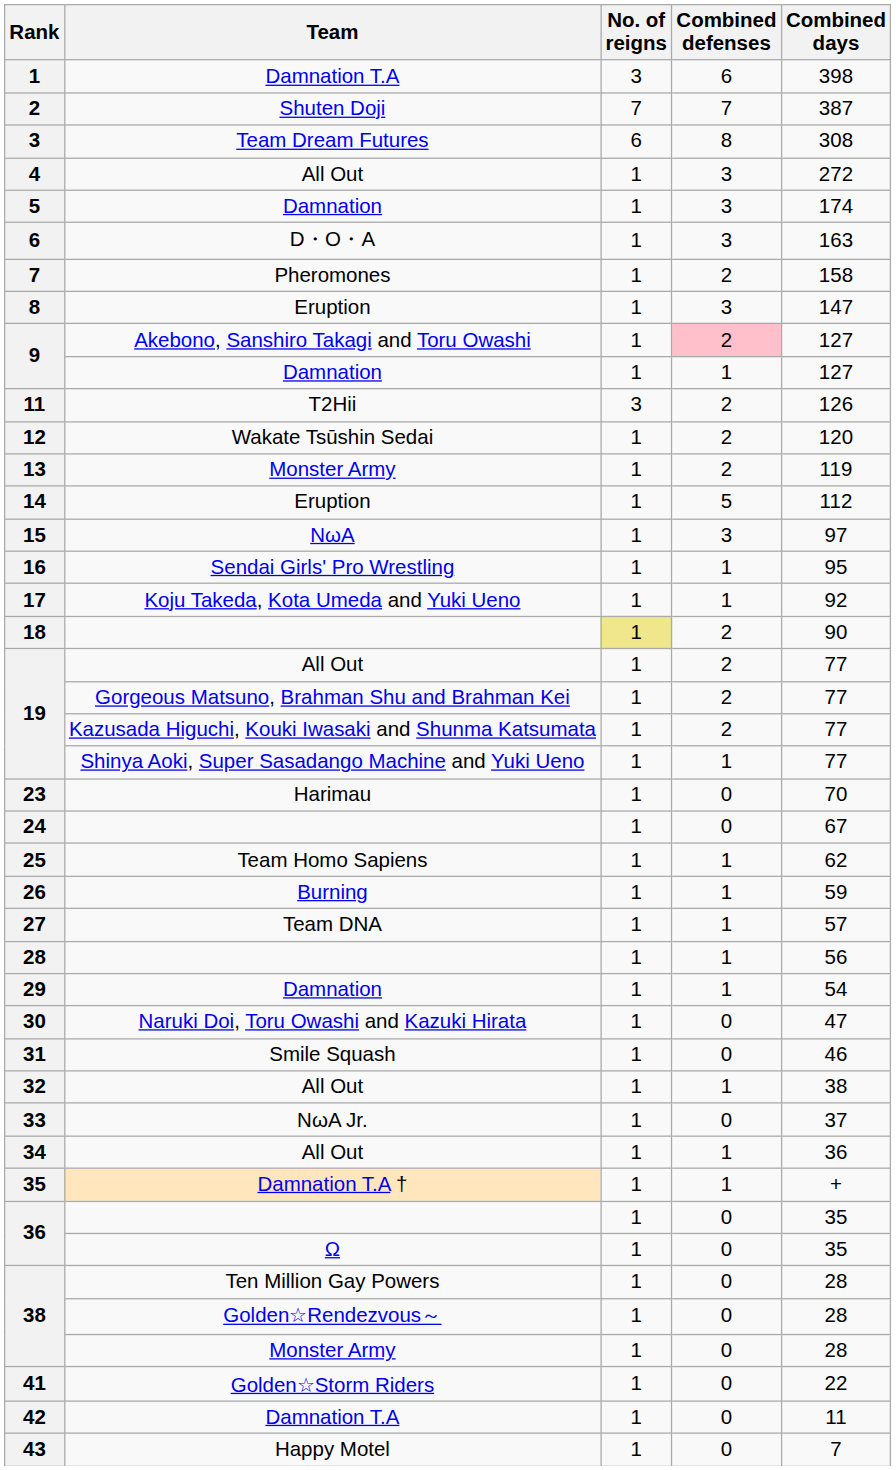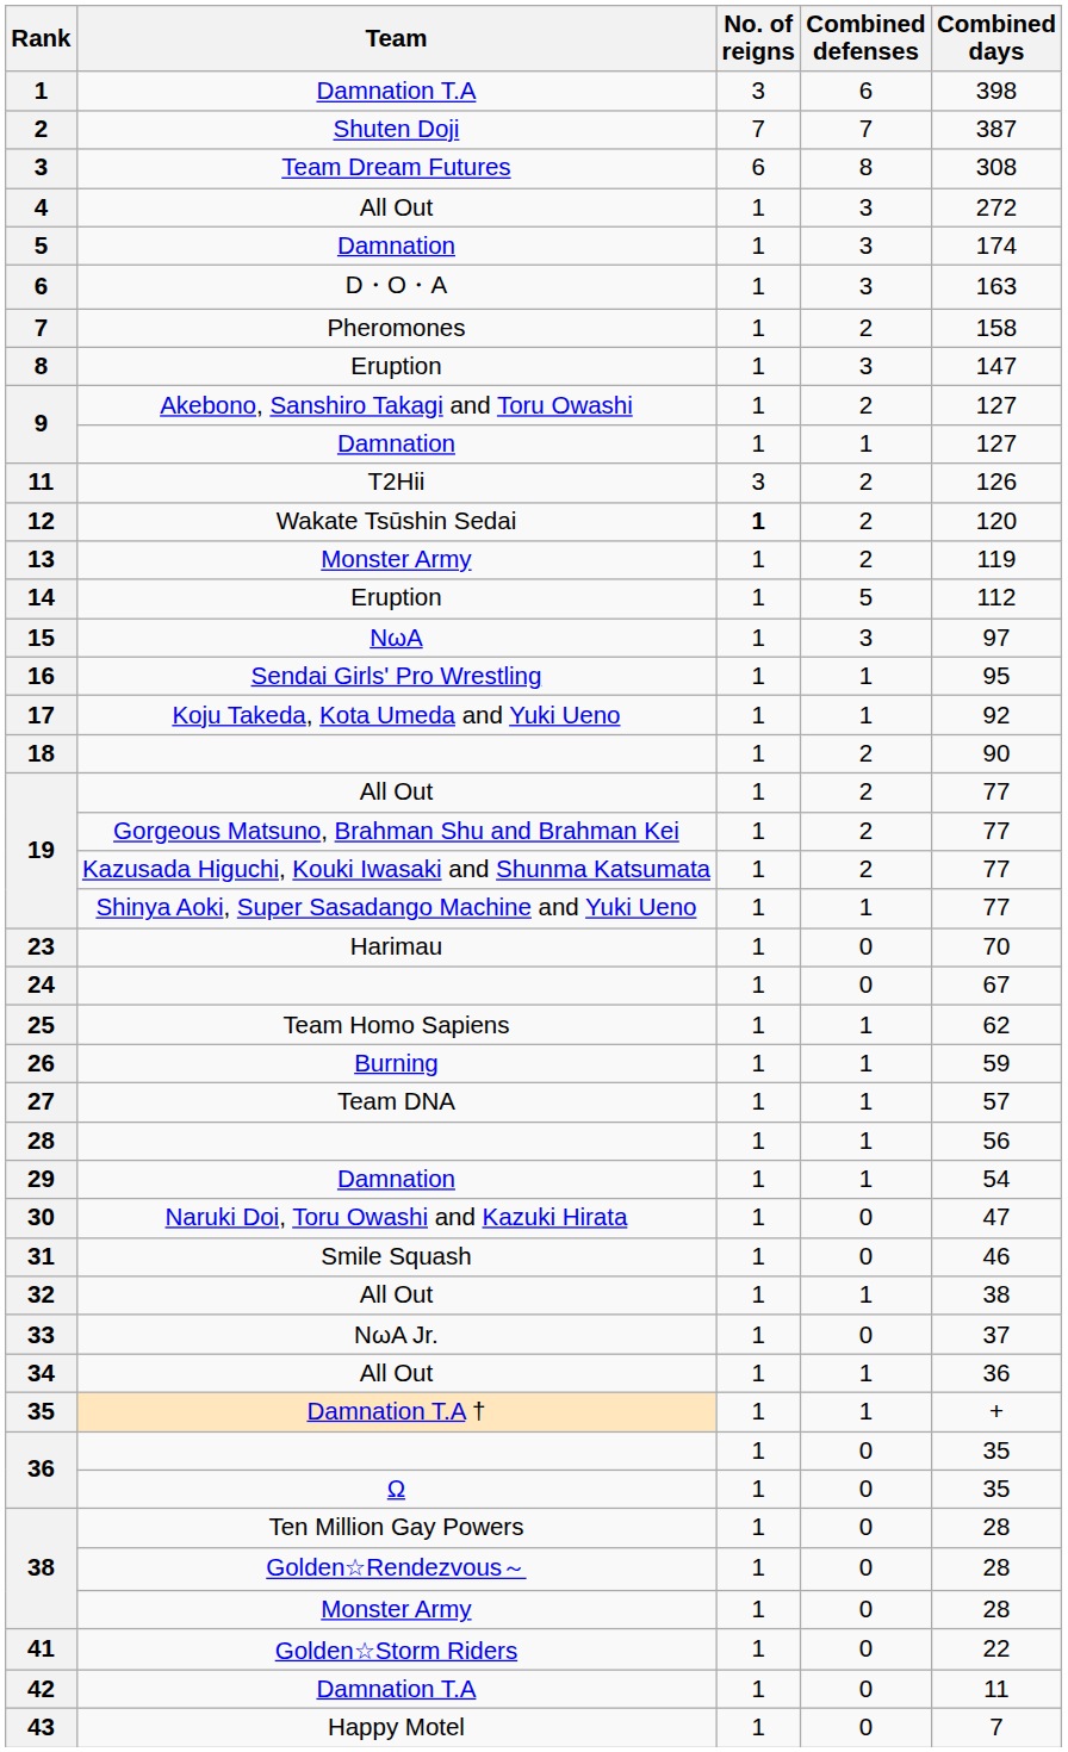 <table class="wikitable sortable" style="text-align: center">
 <tr>
 <th>Rank</th>
 <th>Team</th>
 <th data-sort-type="number">No. of<br>reigns</th>
 <th data-sort-type="number">Combined<br>defenses</th>
 <th data-sort-type="number">Combined<br>days</th>
 </tr>
 <tr>
 <th>1</th>
 <td><a href='#'>Damnation T.A</a><br></td>
 <td>3</td>
 <td>6</td>
 <td>398</td>
 </tr>
 <tr>
 <th>2</th>
 <td><a href='#'>Shuten Doji</a><br></td>
 <td>7</td>
 <td>7</td>
 <td>387</td>
 </tr>
 <tr>
 <th>3</th>
 <td><a href='#'>Team Dream Futures</a><br></td>
 <td>6</td>
 <td>8</td>
 <td>308</td>
 </tr>
 <tr>
 <th>4</th>
 <td>All Out<br></td>
 <td>1</td>
 <td>3</td>
 <td>272</td>
 </tr>
 <tr>
 <th>5</th>
 <td><a href='#'>Damnation</a><br></td>
 <td>1</td>
 <td>3</td>
 <td>174</td>
 </tr>
 <tr>
 <th>6</th>
 <td>D・O・A<br></td>
 <td>1</td>
 <td>3</td>
 <td>163</td>
 </tr>
 <tr>
 <th>7</th>
 <td>Pheromones<br></td>
 <td>1</td>
 <td>2</td>
 <td>158</td>
 </tr>
 <tr>
 <th>8</th>
 <td>Eruption <br></td>
 <td>1</td>
 <td>3</td>
 <td>147</td>
 </tr>
 <tr>
 <th rowspan=2>9</th>
 <td><a href='#'>Akebono</a>, <a href='#'>Sanshiro Takagi</a> and <a href='#'>Toru Owashi</a></td>
 <td>1</td>
-<td style="background: pink;">2</td>
+<td>2</td>
 <td>127</td>
 </tr>
 <tr>
 <td><a href='#'>Damnation</a><br></td>
 <td>1</td>
 <td>1</td>
 <td>127</td>
 </tr>
 <tr>
 <th>11</th>
 <td>T2Hii<br></td>
 <td>3</td>
 <td>2</td>
 <td>126</td>
 </tr>
 <tr>
 <th>12</th>
 <td>Wakate Tsūshin Sedai<br></td>
-<td>1</td>
+<td><strong>1</strong></td>
 <td>2</td>
 <td>120</td>
 </tr>
 <tr>
 <th>13</th>
 <td><a href='#'>Monster Army</a><br></td>
 <td>1</td>
 <td>2</td>
 <td>119</td>
 </tr>
 <tr>
 <th>14</th>
 <td>Eruption<br></td>
 <td>1</td>
 <td>5</td>
 <td>112</td>
 </tr>
 <tr>
 <th>15</th>
 <td><a href='#'>NωA</a><br></td>
 <td>1</td>
 <td>3</td>
 <td>97</td>
 </tr>
 <tr>
 <th>16</th>
 <td><a href='#'>Sendai Girls' Pro Wrestling</a><br></td>
 <td>1</td>
 <td>1</td>
 <td>95</td>
 </tr>
 <tr>
 <th>17</th>
 <td><a href='#'>Koju Takeda</a>, <a href='#'>Kota Umeda</a> and <a href='#'>Yuki Ueno</a></td>
 <td>1</td>
 <td>1</td>
 <td>92</td>
 </tr>
 <tr>
 <th>18</th>
 <td><br></td>
-<td style="background: khaki;">1</td>
+<td>1</td>
 <td>2</td>
 <td>90</td>
 </tr>
 <tr>
 <th rowspan=4>19</th>
 <td>All Out<br></td>
 <td>1</td>
 <td>2</td>
 <td>77</td>
 </tr>
 <tr>
 <td><a href='#'>Gorgeous Matsuno</a>, <a href='#'>Brahman Shu and Brahman Kei</a></td>
 <td>1</td>
 <td>2</td>
 <td>77</td>
 </tr>
 <tr>
 <td><a href='#'>Kazusada Higuchi</a>, <a href='#'>Kouki Iwasaki</a> and <a href='#'>Shunma Katsumata</a></td>
 <td>1</td>
 <td>2</td>
 <td>77</td>
 </tr>
 <tr>
 <td><a href='#'>Shinya Aoki</a>, <a href='#'>Super Sasadango Machine</a> and <a href='#'>Yuki Ueno</a></td>
 <td>1</td>
 <td>1</td>
 <td>77</td>
 </tr>
 <tr>
 <th>23</th>
 <td>Harimau<br></td>
 <td>1</td>
 <td>0</td>
 <td>70</td>
 </tr>
 <tr>
 <th>24</th>
 <td><br></td>
 <td>1</td>
 <td>0</td>
 <td>67</td>
 </tr>
 <tr>
 <th>25</th>
 <td>Team Homo Sapiens<br></td>
 <td>1</td>
 <td>1</td>
 <td>62</td>
 </tr>
 <tr>
 <th>26</th>
 <td><a href='#'>Burning</a><br></td>
 <td>1</td>
 <td>1</td>
 <td>59</td>
 </tr>
 <tr>
 <th>27</th>
 <td>Team DNA<br></td>
 <td>1</td>
 <td>1</td>
 <td>57</td>
 </tr>
 <tr>
 <th>28</th>
 <td><br></td>
 <td>1</td>
 <td>1</td>
 <td>56</td>
 </tr>
 <tr>
 <th>29</th>
 <td><a href='#'>Damnation</a><br></td>
 <td>1</td>
 <td>1</td>
 <td>54</td>
 </tr>
 <tr>
 <th>30</th>
 <td><a href='#'>Naruki Doi</a>, <a href='#'>Toru Owashi</a> and <a href='#'>Kazuki Hirata</a></td>
 <td>1</td>
 <td>0</td>
 <td>47</td>
 </tr>
 <tr>
 <th>31</th>
 <td>Smile Squash<br></td>
 <td>1</td>
 <td>0</td>
 <td>46</td>
 </tr>
 <tr>
 <th>32</th>
 <td>All Out<br></td>
 <td>1</td>
 <td>1</td>
 <td>38</td>
 </tr>
 <tr>
 <th>33</th>
 <td>NωA Jr.<br></td>
 <td>1</td>
 <td>0</td>
 <td>37</td>
 </tr>
 <tr>
 <th>34</th>
 <td>All Out<br></td>
 <td>1</td>
 <td>1</td>
 <td>36</td>
 </tr>
 <tr>
 <th>35</th>
 <td style="background-color:#FFE6BD"><a href='#'>Damnation T.A</a> †<br></td>
 <td>1</td>
 <td>1</td>
 <td>+</td>
 </tr>
 <tr>
 <th rowspan=2>36</th>
 <td></td>
 <td>1</td>
 <td>0</td>
 <td>35</td>
 </tr>
 <tr>
 <td><a href='#'>Ω</a><br></td>
 <td>1</td>
 <td>0</td>
 <td>35</td>
 </tr>
 <tr>
 <th rowspan=3>38</th>
 <td>Ten Million Gay Powers<br></td>
 <td>1</td>
 <td>0</td>
 <td>28</td>
 </tr>
 <tr>
 <td><a href='#'>Golden☆Rendezvous～</a><br></td>
 <td>1</td>
 <td>0</td>
 <td>28</td>
 </tr>
 <tr>
 <td><a href='#'>Monster Army</a><br></td>
 <td>1</td>
 <td>0</td>
 <td>28</td>
 </tr>
 <tr>
 <th>41</th>
 <td><a href='#'>Golden☆Storm Riders</a><br></td>
 <td>1</td>
 <td>0</td>
 <td>22</td>
 </tr>
 <tr>
 <th>42</th>
 <td><a href='#'>Damnation T.A</a><br></td>
 <td>1</td>
 <td>0</td>
 <td>11</td>
 </tr>
 <tr>
 <th>43</th>
 <td>Happy Motel<br></td>
 <td>1</td>
 <td>0</td>
 <td>7</td>
 </tr>
 </table>
